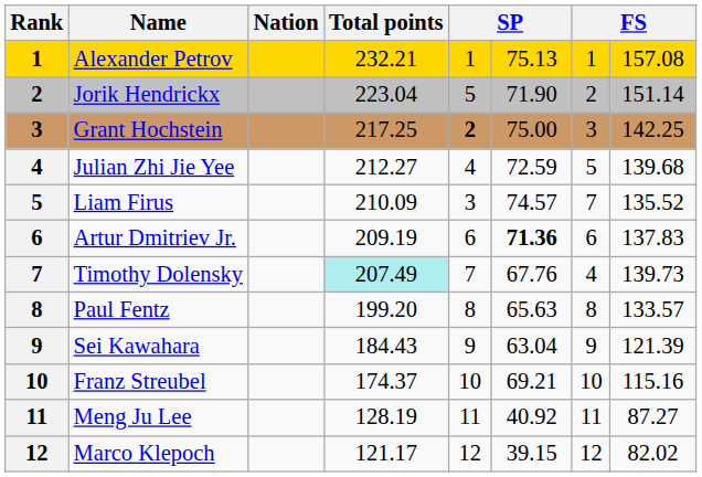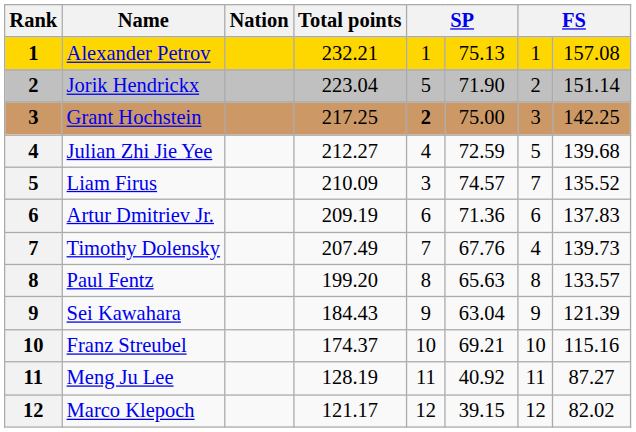 <table class="wikitable sortable">
 <tr>
 <th>Rank</th>
 <th>Name</th>
 <th>Nation</th>
 <th>Total points</th>
 <th colspan="2" width="80px"><a href='#'>SP</a></th>
 <th colspan="2" width="80px"><a href='#'>FS</a></th>
 </tr>
 <tr bgcolor="gold">
 <td align="center"><strong>1</strong></td>
 <td><a href='#'>Alexander Petrov</a></td>
 <td></td>
 <td align="center">232.21</td>
 <td align="center">1</td>
 <td align="center">75.13</td>
 <td align="center">1</td>
 <td align="center">157.08</td>
 </tr>
 <tr bgcolor="silver">
 <td align="center"><strong>2</strong></td>
 <td><a href='#'>Jorik Hendrickx</a></td>
 <td></td>
 <td align="center">223.04</td>
 <td align="center">5</td>
 <td align="center">71.90</td>
 <td align="center">2</td>
 <td align="center">151.14</td>
 </tr>
 <tr bgcolor="cc9966">
 <td align="center"><strong>3</strong></td>
 <td><a href='#'>Grant Hochstein</a></td>
 <td></td>
 <td align="center">217.25</td>
 <td align="center"><strong>2</strong></td>
 <td align="center">75.00</td>
 <td align="center">3</td>
 <td align="center">142.25</td>
 </tr>
 <tr>
 <th>4</th>
 <td><a href='#'>Julian Zhi Jie Yee</a></td>
 <td></td>
 <td align="center">212.27</td>
 <td align="center">4</td>
 <td align="center">72.59</td>
 <td align="center">5</td>
 <td align="center">139.68</td>
 </tr>
 <tr>
 <th>5</th>
 <td><a href='#'>Liam Firus</a></td>
 <td></td>
 <td align="center">210.09</td>
 <td align="center">3</td>
 <td align="center">74.57</td>
 <td align="center">7</td>
 <td align="center">135.52</td>
 </tr>
 <tr>
 <th>6</th>
 <td><a href='#'>Artur Dmitriev Jr.</a></td>
 <td></td>
 <td align="center">209.19</td>
 <td align="center">6</td>
-<td align="center"><strong>71.36</strong></td>
+<td align="center">71.36</td>
 <td align="center">6</td>
 <td align="center">137.83</td>
 </tr>
 <tr>
 <th>7</th>
 <td><a href='#'>Timothy Dolensky</a></td>
 <td></td>
-<td align="center" style="background: paleturquoise;">207.49</td>
+<td align="center">207.49</td>
 <td align="center">7</td>
 <td align="center">67.76</td>
 <td align="center">4</td>
 <td align="center">139.73</td>
 </tr>
 <tr>
 <th>8</th>
 <td><a href='#'>Paul Fentz</a></td>
 <td></td>
 <td align="center">199.20</td>
 <td align="center">8</td>
 <td align="center">65.63</td>
 <td align="center">8</td>
 <td align="center">133.57</td>
 </tr>
 <tr>
 <th>9</th>
 <td><a href='#'>Sei Kawahara</a></td>
 <td></td>
 <td align="center">184.43</td>
 <td align="center">9</td>
 <td align="center">63.04</td>
 <td align="center">9</td>
 <td align="center">121.39</td>
 </tr>
 <tr>
 <th>10</th>
 <td><a href='#'>Franz Streubel</a></td>
 <td></td>
 <td align="center">174.37</td>
 <td align="center">10</td>
 <td align="center">69.21</td>
 <td align="center">10</td>
 <td align="center">115.16</td>
 </tr>
 <tr>
 <th>11</th>
 <td><a href='#'>Meng Ju Lee</a></td>
 <td></td>
 <td align="center">128.19</td>
 <td align="center">11</td>
 <td align="center">40.92</td>
 <td align="center">11</td>
 <td align="center">87.27</td>
 </tr>
 <tr>
 <th>12</th>
 <td><a href='#'>Marco Klepoch</a></td>
 <td></td>
 <td align="center">121.17</td>
 <td align="center">12</td>
 <td align="center">39.15</td>
 <td align="center">12</td>
 <td align="center">82.02</td>
 </tr>
 </table>
